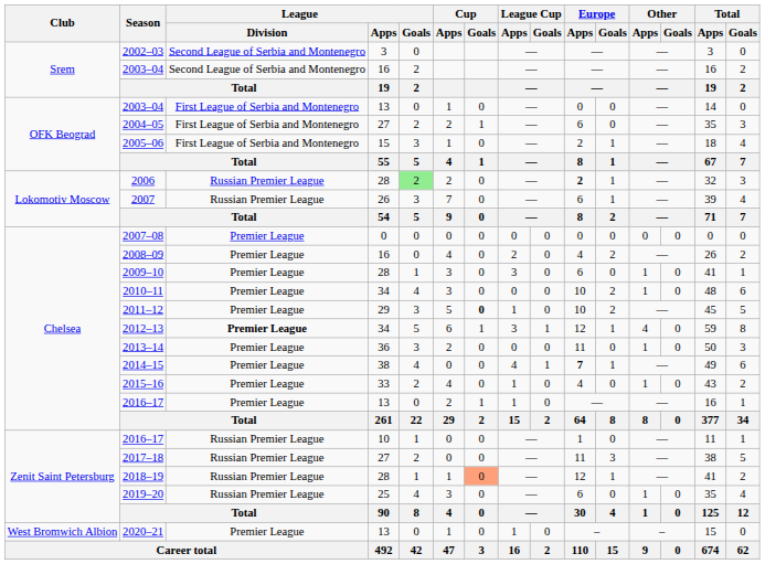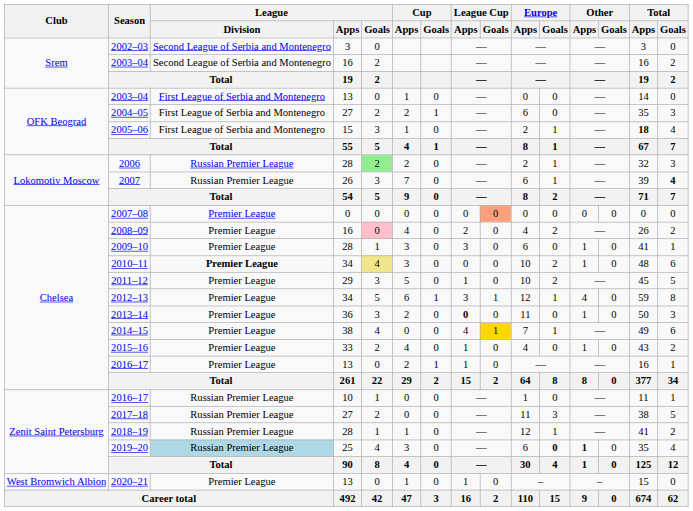 <table class="wikitable" style="text-align:center">
 <tr>
 <th rowspan="2">Club</th>
 <th rowspan="2">Season</th>
 <th colspan="3">League</th>
 <th colspan="2">Cup</th>
 <th colspan="2">League Cup</th>
 <th colspan="2"><a href='#'>Europe</a></th>
 <th colspan="2">Other</th>
 <th colspan="2">Total</th>
 </tr>
 <tr>
 <th>Division</th>
 <th>Apps</th>
 <th>Goals</th>
 <th>Apps</th>
 <th>Goals</th>
 <th>Apps</th>
 <th>Goals</th>
 <th>Apps</th>
 <th>Goals</th>
 <th>Apps</th>
 <th>Goals</th>
 <th>Apps</th>
 <th>Goals</th>
 </tr>
 <tr>
 <td rowspan="3"><a href='#'>Srem</a></td>
 <td><a href='#'>2002–03</a></td>
 <td><a href='#'>Second League of Serbia and Montenegro</a></td>
 <td>3</td>
 <td>0</td>
 <td></td>
 <td></td>
 <td colspan="2">—</td>
 <td colspan="2">—</td>
 <td colspan="2">—</td>
 <td>3</td>
 <td>0</td>
 </tr>
 <tr>
 <td><a href='#'>2003–04</a></td>
 <td>Second League of Serbia and Montenegro</td>
 <td>16</td>
 <td>2</td>
 <td></td>
 <td></td>
 <td colspan="2">—</td>
 <td colspan="2">—</td>
 <td colspan="2">—</td>
 <td>16</td>
 <td>2</td>
 </tr>
 <tr>
 <th colspan="2">Total</th>
 <th>19</th>
 <th>2</th>
 <th></th>
 <th></th>
 <th colspan="2">—</th>
 <th colspan="2">—</th>
 <th colspan="2">—</th>
 <th>19</th>
 <th>2</th>
 </tr>
 <tr>
 <td rowspan="4"><a href='#'>OFK Beograd</a></td>
 <td><a href='#'>2003–04</a></td>
 <td><a href='#'>First League of Serbia and Montenegro</a></td>
 <td>13</td>
 <td>0</td>
 <td>1</td>
 <td>0</td>
 <td colspan="2">—</td>
 <td>0</td>
 <td>0</td>
 <td colspan="2">—</td>
 <td>14</td>
 <td>0</td>
 </tr>
 <tr>
 <td><a href='#'>2004–05</a></td>
 <td>First League of Serbia and Montenegro</td>
 <td>27</td>
 <td>2</td>
 <td>2</td>
 <td>1</td>
 <td colspan="2">—</td>
 <td>6</td>
 <td>0</td>
 <td colspan="2">—</td>
 <td>35</td>
 <td>3</td>
 </tr>
 <tr>
 <td><a href='#'>2005–06</a></td>
 <td>First League of Serbia and Montenegro</td>
 <td>15</td>
 <td>3</td>
 <td>1</td>
 <td>0</td>
 <td colspan="2">—</td>
 <td>2</td>
 <td>1</td>
 <td colspan="2">—</td>
-<td>18</td>
+<td><strong>18</strong></td>
 <td>4</td>
 </tr>
 <tr>
 <th colspan="2">Total</th>
 <th>55</th>
 <th>5</th>
 <th>4</th>
 <th>1</th>
 <th colspan="2">—</th>
 <th>8</th>
 <th>1</th>
 <th colspan="2">—</th>
 <th>67</th>
 <th>7</th>
 </tr>
 <tr>
 <td rowspan="3"><a href='#'>Lokomotiv Moscow</a></td>
 <td><a href='#'>2006</a></td>
 <td><a href='#'>Russian Premier League</a></td>
 <td>28</td>
 <td style="background: lightgreen;">2</td>
 <td>2</td>
 <td>0</td>
 <td colspan="2">—</td>
-<td><strong>2</strong></td>
+<td>2</td>
 <td>1</td>
 <td colspan="2">—</td>
 <td>32</td>
 <td>3</td>
 </tr>
 <tr>
 <td><a href='#'>2007</a></td>
 <td>Russian Premier League</td>
 <td>26</td>
 <td>3</td>
 <td>7</td>
 <td>0</td>
 <td colspan="2">—</td>
 <td>6</td>
 <td>1</td>
 <td colspan="2">—</td>
 <td>39</td>
-<td>4</td>
+<td><strong>4</strong></td>
 </tr>
 <tr>
 <th colspan="2">Total</th>
 <th>54</th>
 <th>5</th>
 <th>9</th>
 <th>0</th>
 <th colspan="2">—</th>
 <th>8</th>
 <th>2</th>
 <th colspan="2">—</th>
 <th>71</th>
 <th>7</th>
 </tr>
 <tr>
 <td rowspan="11"><a href='#'>Chelsea</a></td>
 <td><a href='#'>2007–08</a></td>
 <td><a href='#'>Premier League</a></td>
 <td>0</td>
 <td>0</td>
 <td>0</td>
 <td>0</td>
 <td>0</td>
-<td>0</td>
+<td style="background: lightsalmon;">0</td>
 <td>0</td>
 <td>0</td>
 <td>0</td>
 <td>0</td>
 <td>0</td>
 <td>0</td>
 </tr>
 <tr>
 <td><a href='#'>2008–09</a></td>
 <td>Premier League</td>
 <td>16</td>
-<td>0</td>
+<td style="background: pink;">0</td>
 <td>4</td>
 <td>0</td>
 <td>2</td>
 <td>0</td>
 <td>4</td>
 <td>2</td>
 <td colspan="2">—</td>
 <td>26</td>
 <td>2</td>
 </tr>
 <tr>
 <td><a href='#'>2009–10</a></td>
 <td>Premier League</td>
 <td>28</td>
 <td>1</td>
 <td>3</td>
 <td>0</td>
 <td>3</td>
 <td>0</td>
 <td>6</td>
 <td>0</td>
 <td>1</td>
 <td>0</td>
 <td>41</td>
 <td>1</td>
 </tr>
 <tr>
 <td><a href='#'>2010–11</a></td>
-<td>Premier League</td>
+<td><strong>Premier League</strong></td>
 <td>34</td>
-<td>4</td>
+<td style="background: khaki;">4</td>
 <td>3</td>
 <td>0</td>
 <td>0</td>
 <td>0</td>
 <td>10</td>
 <td>2</td>
 <td>1</td>
 <td>0</td>
 <td>48</td>
 <td>6</td>
 </tr>
 <tr>
 <td><a href='#'>2011–12</a></td>
 <td>Premier League</td>
 <td>29</td>
 <td>3</td>
 <td>5</td>
-<td><strong>0</strong></td>
+<td>0</td>
 <td>1</td>
 <td>0</td>
 <td>10</td>
 <td>2</td>
 <td colspan="2">—</td>
 <td>45</td>
 <td>5</td>
 </tr>
 <tr>
 <td><a href='#'>2012–13</a></td>
-<td><strong>Premier League</strong></td>
+<td>Premier League</td>
 <td>34</td>
 <td>5</td>
 <td>6</td>
 <td>1</td>
 <td>3</td>
 <td>1</td>
 <td>12</td>
 <td>1</td>
 <td>4</td>
 <td>0</td>
 <td>59</td>
 <td>8</td>
 </tr>
 <tr>
 <td><a href='#'>2013–14</a></td>
 <td>Premier League</td>
 <td>36</td>
 <td>3</td>
 <td>2</td>
 <td>0</td>
-<td>0</td>
+<td><strong>0</strong></td>
 <td>0</td>
 <td>11</td>
 <td>0</td>
 <td>1</td>
 <td>0</td>
 <td>50</td>
 <td>3</td>
 </tr>
 <tr>
 <td><a href='#'>2014–15</a></td>
 <td>Premier League</td>
 <td>38</td>
 <td>4</td>
 <td>0</td>
 <td>0</td>
 <td>4</td>
-<td>1</td>
-<td><strong>7</strong></td>
+<td style="background: gold;">1</td>
+<td>7</td>
 <td>1</td>
 <td colspan="2">—</td>
 <td>49</td>
 <td>6</td>
 </tr>
 <tr>
 <td><a href='#'>2015–16</a></td>
 <td>Premier League</td>
 <td>33</td>
 <td>2</td>
 <td>4</td>
 <td>0</td>
 <td>1</td>
 <td>0</td>
 <td>4</td>
 <td>0</td>
 <td>1</td>
 <td>0</td>
 <td>43</td>
 <td>2</td>
 </tr>
 <tr>
 <td><a href='#'>2016–17</a></td>
 <td>Premier League</td>
 <td>13</td>
 <td>0</td>
 <td>2</td>
 <td>1</td>
 <td>1</td>
 <td>0</td>
 <td colspan="2">—</td>
 <td colspan="2">—</td>
 <td>16</td>
 <td>1</td>
 </tr>
 <tr>
 <th colspan="2">Total</th>
 <th>261</th>
 <th>22</th>
 <th>29</th>
 <th>2</th>
 <th>15</th>
 <th>2</th>
 <th>64</th>
 <th>8</th>
 <th>8</th>
 <th>0</th>
 <th>377</th>
 <th>34</th>
 </tr>
 <tr>
 <td rowspan="5"><a href='#'>Zenit Saint Petersburg</a></td>
 <td><a href='#'>2016–17</a></td>
 <td>Russian Premier League</td>
 <td>10</td>
 <td>1</td>
 <td>0</td>
 <td>0</td>
 <td colspan="2">—</td>
 <td>1</td>
 <td>0</td>
 <td colspan="2">—</td>
 <td>11</td>
 <td>1</td>
 </tr>
 <tr>
 <td><a href='#'>2017–18</a></td>
 <td>Russian Premier League</td>
 <td>27</td>
 <td>2</td>
 <td>0</td>
 <td>0</td>
 <td colspan="2">—</td>
 <td>11</td>
 <td>3</td>
 <td colspan="2">—</td>
 <td>38</td>
 <td>5</td>
 </tr>
 <tr>
 <td><a href='#'>2018–19</a></td>
 <td>Russian Premier League</td>
 <td>28</td>
 <td>1</td>
 <td>1</td>
-<td style="background: lightsalmon;">0</td>
+<td>0</td>
 <td colspan="2">—</td>
 <td>12</td>
 <td>1</td>
 <td colspan="2">—</td>
 <td>41</td>
 <td>2</td>
 </tr>
 <tr>
 <td><a href='#'>2019–20</a></td>
-<td>Russian Premier League</td>
+<td style="background: lightblue;">Russian Premier League</td>
 <td>25</td>
 <td>4</td>
 <td>3</td>
 <td>0</td>
 <td colspan="2">—</td>
 <td>6</td>
-<td>0</td>
-<td>1</td>
+<td><strong>0</strong></td>
+<td><strong>1</strong></td>
 <td>0</td>
 <td>35</td>
 <td>4</td>
 </tr>
 <tr>
 <th colspan="2">Total</th>
 <th>90</th>
 <th>8</th>
 <th>4</th>
 <th>0</th>
 <th colspan="2">—</th>
 <th>30</th>
 <th>4</th>
 <th>1</th>
 <th>0</th>
 <th>125</th>
 <th>12</th>
 </tr>
 <tr>
 <td><a href='#'>West Bromwich Albion</a></td>
 <td><a href='#'>2020–21</a></td>
 <td>Premier League</td>
 <td>13</td>
 <td>0</td>
 <td>1</td>
 <td>0</td>
 <td>1</td>
 <td>0</td>
 <td colspan="2">–</td>
 <td colspan="2">–</td>
 <td>15</td>
 <td>0</td>
 </tr>
 <tr>
 <th colspan=3>Career total</th>
 <th>492</th>
 <th>42</th>
 <th>47</th>
 <th>3</th>
 <th>16</th>
 <th>2</th>
 <th>110</th>
 <th>15</th>
 <th>9</th>
 <th>0</th>
 <th>674</th>
 <th>62</th>
 </tr>
 </table>
